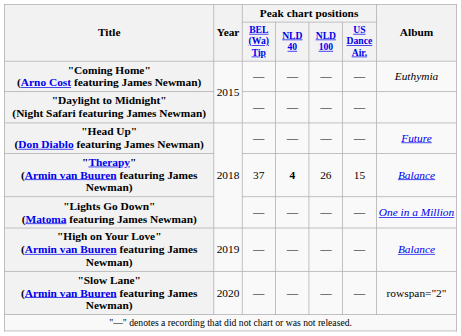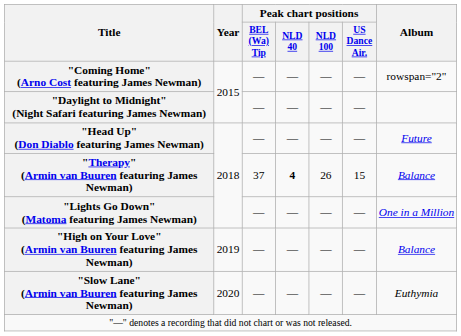 <table class="wikitable plainrowheaders" style="text-align:center;">
 <tr>
 <th scope="col" rowspan="2" style="width:18em;">Title</th>
 <th scope="col" rowspan="2" style="width:1em;">Year</th>
 <th scope="col" colspan="4">Peak chart positions</th>
 <th scope="col" rowspan="2">Album</th>
 </tr>
 <tr>
 <th scope="col" style="width:3em;font-size:85%;"><a href='#'>BEL<br>(Wa)<br>Tip</a><br></th>
 <th scope="col" style="width:3em;font-size:85%;"><a href='#'>NLD<br>40</a><br></th>
 <th scope="col" style="width:3em;font-size:85%;"><a href='#'>NLD<br>100</a><br></th>
 <th scope="col" style="width:3em;font-size:85%;"><a href='#'>US<br>Dance<br>Air.</a><br></th>
 </tr>
 <tr>
 <th scope="row">"Coming Home"<br><span>(<a href='#'>Arno Cost</a> featuring James Newman)</span></th>
 <td rowspan="2">2015</td>
 <td>—</td>
 <td>—</td>
 <td>—</td>
 <td>—</td>
-<td><em>Euthymia</em></td>
+<td>rowspan="2" </td>
 </tr>
 <tr>
 <th scope="row">"Daylight to Midnight"<br><span>(Night Safari featuring James Newman)</span></th>
 <td>—</td>
 <td>—</td>
 <td>—</td>
 <td>—</td>
 </tr>
 <tr>
 <th scope="row">"Head Up"<br><span>(<a href='#'>Don Diablo</a> featuring James Newman)</span></th>
 <td rowspan="3">2018</td>
 <td>—</td>
 <td>—</td>
 <td>—</td>
 <td>—</td>
 <td><em><a href='#'>Future</a></em></td>
 </tr>
 <tr>
 <th scope="row">"<a href='#'>Therapy</a>"<br><span>(<a href='#'>Armin van Buuren</a> featuring James Newman)</span></th>
 <td>37</td>
 <td><strong>4</strong></td>
 <td>26</td>
 <td>15</td>
 <td><em><a href='#'>Balance</a></em></td>
 </tr>
 <tr>
 <th scope="row">"Lights Go Down"<br><span>(<a href='#'>Matoma</a> featuring James Newman)</span></th>
 <td>—</td>
 <td>—</td>
 <td>—</td>
 <td>—</td>
 <td><em><a href='#'>One in a Million</a></em></td>
 </tr>
 <tr>
 <th scope="row">"High on Your Love"<br><span>(<a href='#'>Armin van Buuren</a> featuring James Newman)</span></th>
 <td>2019</td>
 <td>—</td>
 <td>—</td>
 <td>—</td>
 <td>—</td>
 <td><em><a href='#'>Balance</a></em></td>
 </tr>
 <tr>
 <th scope="row">"Slow Lane"<br><span>(<a href='#'>Armin van Buuren</a> featuring James Newman)</span></th>
 <td>2020</td>
 <td>—</td>
 <td>—</td>
 <td>—</td>
 <td>—</td>
-<td>rowspan="2" </td>
+<td><em>Euthymia</em></td>
 </tr>
 <tr>
 <td style="font-size:85%;" colspan="22">"—" denotes a recording that did not chart or was not released.</td>
 </tr>
 </table>
